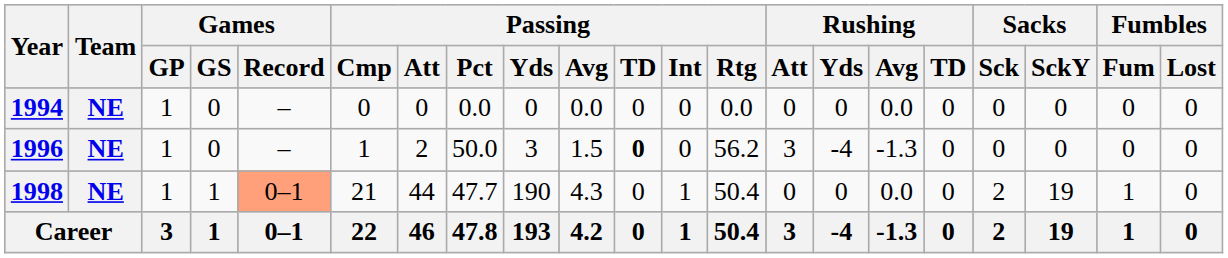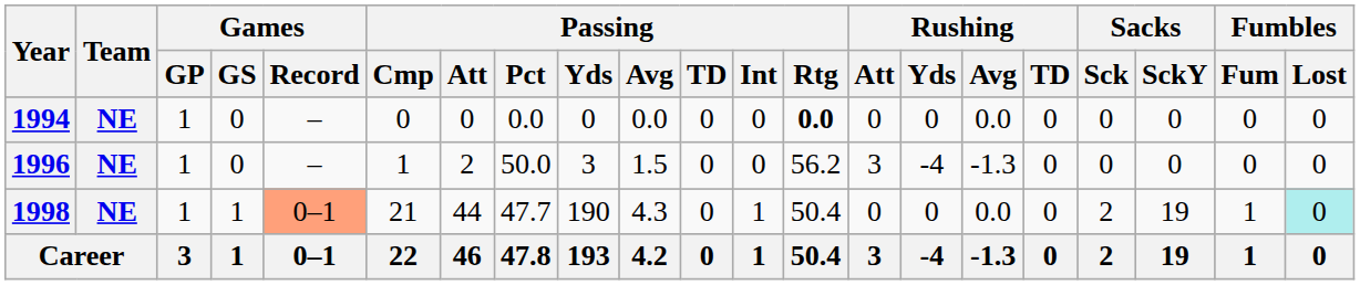 <table class=wikitable style="text-align:center;">
 <tr>
 <th rowspan="2">Year</th>
 <th rowspan="2">Team</th>
 <th colspan="3">Games</th>
 <th colspan="8">Passing</th>
 <th colspan="4">Rushing</th>
 <th colspan="2">Sacks</th>
 <th colspan="2">Fumbles</th>
 </tr>
 <tr>
 <th>GP</th>
 <th>GS</th>
 <th>Record</th>
 <th>Cmp</th>
 <th>Att</th>
 <th>Pct</th>
 <th>Yds</th>
 <th>Avg</th>
 <th>TD</th>
 <th>Int</th>
 <th>Rtg</th>
 <th>Att</th>
 <th>Yds</th>
 <th>Avg</th>
 <th>TD</th>
 <th>Sck</th>
 <th>SckY</th>
 <th>Fum</th>
 <th>Lost</th>
 </tr>
 <tr>
 <th><a href='#'>1994</a></th>
 <th><a href='#'>NE</a></th>
 <td>1</td>
 <td>0</td>
 <td>–</td>
 <td>0</td>
 <td>0</td>
 <td>0.0</td>
 <td>0</td>
 <td>0.0</td>
 <td>0</td>
 <td>0</td>
-<td>0.0</td>
+<td><strong>0.0</strong></td>
 <td>0</td>
 <td>0</td>
 <td>0.0</td>
 <td>0</td>
 <td>0</td>
 <td>0</td>
 <td>0</td>
 <td>0</td>
 </tr>
 <tr>
 <th><a href='#'>1996</a></th>
 <th><a href='#'>NE</a></th>
 <td>1</td>
 <td>0</td>
 <td>–</td>
 <td>1</td>
 <td>2</td>
 <td>50.0</td>
 <td>3</td>
 <td>1.5</td>
-<td><strong>0</strong></td>
+<td>0</td>
 <td>0</td>
 <td>56.2</td>
 <td>3</td>
 <td>-4</td>
 <td>-1.3</td>
 <td>0</td>
 <td>0</td>
 <td>0</td>
 <td>0</td>
 <td>0</td>
 </tr>
 <tr>
 <th><a href='#'>1998</a></th>
 <th><a href='#'>NE</a></th>
 <td>1</td>
 <td>1</td>
 <td style="background: lightsalmon;">0–1</td>
 <td>21</td>
 <td>44</td>
 <td>47.7</td>
 <td>190</td>
 <td>4.3</td>
 <td>0</td>
 <td>1</td>
 <td>50.4</td>
 <td>0</td>
 <td>0</td>
 <td>0.0</td>
 <td>0</td>
 <td>2</td>
 <td>19</td>
 <td>1</td>
-<td>0</td>
+<td style="background: paleturquoise;">0</td>
 </tr>
 <tr>
 <th colspan="2">Career</th>
 <th>3</th>
 <th>1</th>
 <th>0–1</th>
 <th>22</th>
 <th>46</th>
 <th>47.8</th>
 <th>193</th>
 <th>4.2</th>
 <th>0</th>
 <th>1</th>
 <th>50.4</th>
 <th>3</th>
 <th>-4</th>
 <th>-1.3</th>
 <th>0</th>
 <th>2</th>
 <th>19</th>
 <th>1</th>
 <th>0</th>
 </tr>
 </table>
